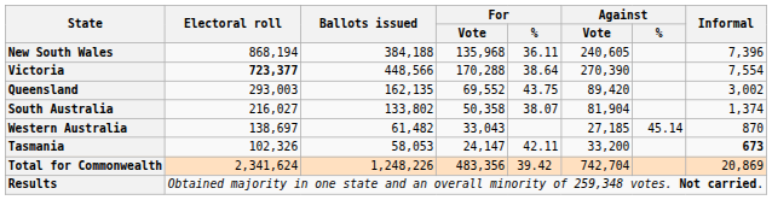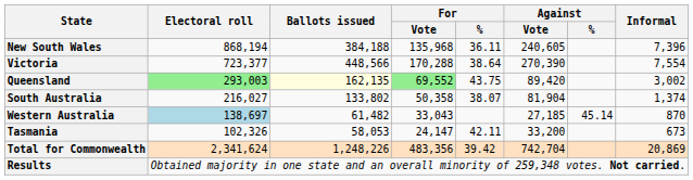 <table class="wikitable">
 <tr align=center>
 <th rowspan="2">State</th>
 <th rowspan="2">Electoral roll</th>
 <th rowspan="2">Ballots issued</th>
 <th align=center colspan="2">For</th>
 <th align=center colspan="2">Against</th>
 <th align=center rowspan="2">Informal</th>
 </tr>
 <tr>
 <th align=center>Vote</th>
 <th align=center>%</th>
 <th align=center>Vote</th>
 <th align=center>%</th>
 </tr>
 <tr align="right">
 <th style="text-align:left;">New South Wales</th>
 <td>868,194</td>
 <td>384,188</td>
 <td>135,968</td>
 <td>36.11</td>
 <td>240,605</td>
 <td></td>
 <td>7,396</td>
 </tr>
 <tr ---- align="right">
 <th style="text-align:left;">Victoria</th>
-<td><strong>723,377</strong></td>
+<td>723,377</td>
 <td>448,566</td>
 <td>170,288</td>
 <td>38.64</td>
 <td>270,390</td>
 <td></td>
 <td>7,554</td>
 </tr>
 <tr ---- align="right">
 <th style="text-align:left">Queensland</th>
-<td>293,003</td>
-<td>162,135</td>
-<td>69,552</td>
+<td style="background: lightgreen;">293,003</td>
+<td style="background: lightyellow;">162,135</td>
+<td style="background: lightgreen;">69,552</td>
 <td>43.75</td>
 <td>89,420</td>
 <td></td>
 <td>3,002</td>
 </tr>
 <tr ---- align="right">
 <th style="text-align:left">South Australia</th>
 <td>216,027</td>
 <td>133,802</td>
 <td>50,358</td>
 <td>38.07</td>
 <td>81,904</td>
 <td></td>
 <td>1,374</td>
 </tr>
 <tr ---- align="right">
 <th style="text-align:left">Western Australia</th>
-<td>138,697</td>
+<td style="background: lightblue;">138,697</td>
 <td>61,482</td>
 <td>33,043</td>
 <td></td>
 <td>27,185</td>
 <td>45.14</td>
 <td>870</td>
 </tr>
 <tr ---- align="right">
 <th style="text-align:left">Tasmania</th>
 <td>102,326</td>
 <td>58,053</td>
 <td>24,147</td>
 <td>42.11</td>
 <td>33,200</td>
 <td></td>
-<td><strong>673</strong></td>
+<td>673</td>
 </tr>
 <tr bgcolor=#FFE0C0 align="right">
 <th style="text-align:left;">Total for Commonwealth</th>
 <td>2,341,624</td>
 <td noWrap align="right">1,248,226</td>
 <td noWrap align="right">483,356</td>
 <td noWrap align="middle">39.42</td>
 <td noWrap align="right">742,704</td>
 <td></td>
 <td noWrap align="right">20,869</td>
 </tr>
 <tr ---->
 <th style="text-align:left;">Results</th>
 <td colSpan="8"><em>Obtained majority in one state and an overall  minority of 259,348 votes.</em> <strong>Not carried</strong>.</td>
 </tr>
 </table>
